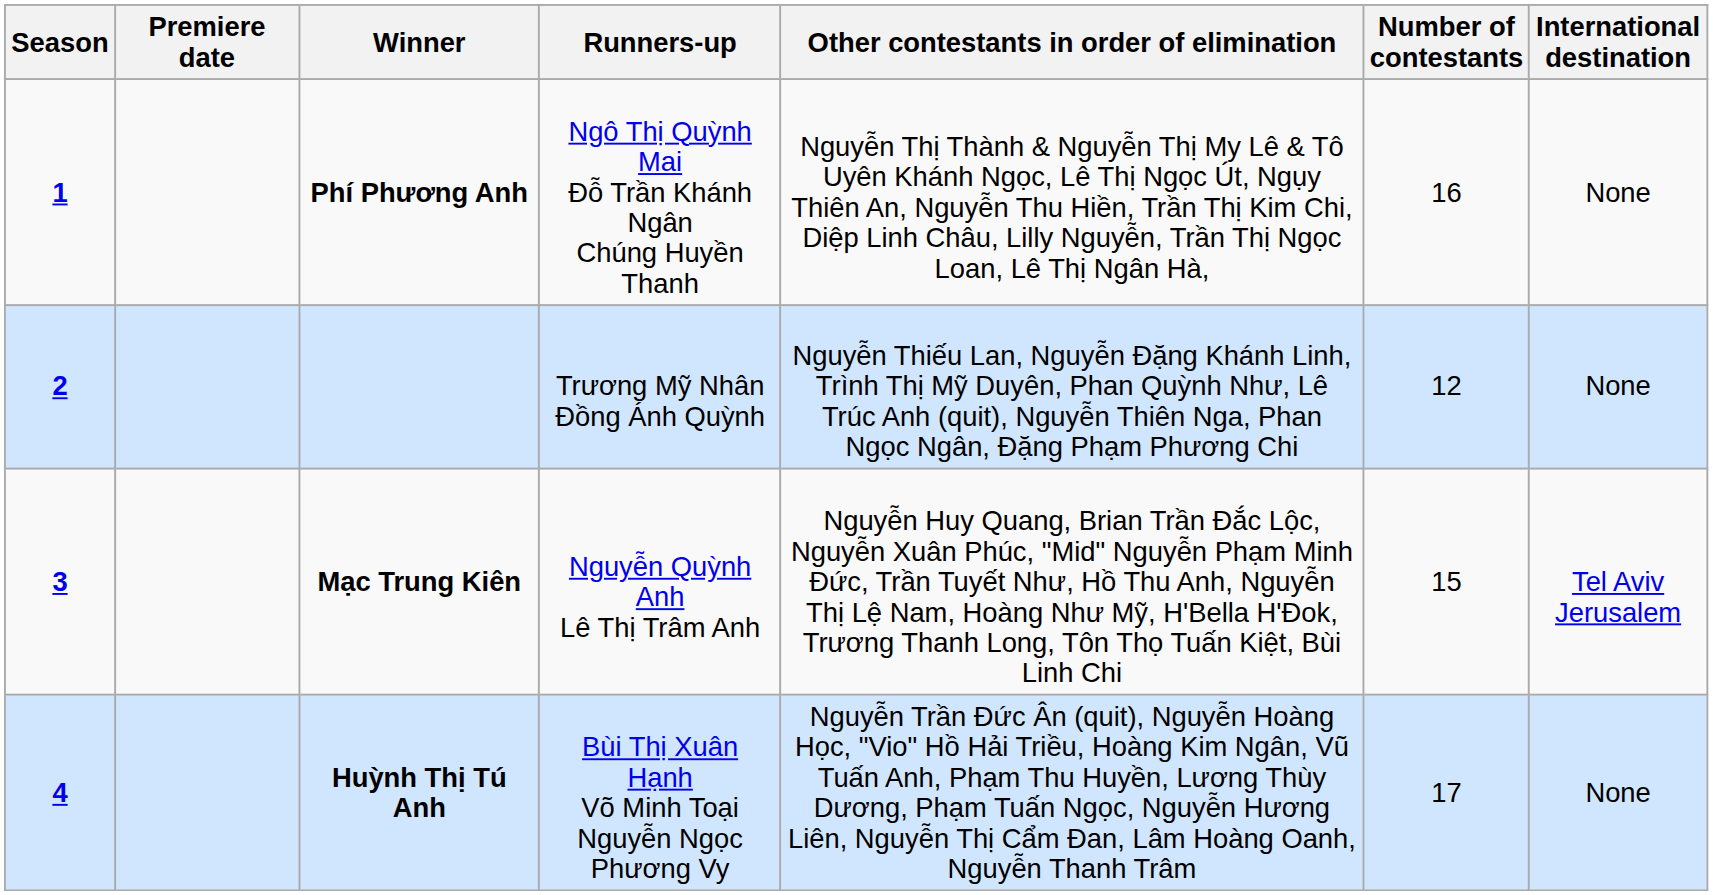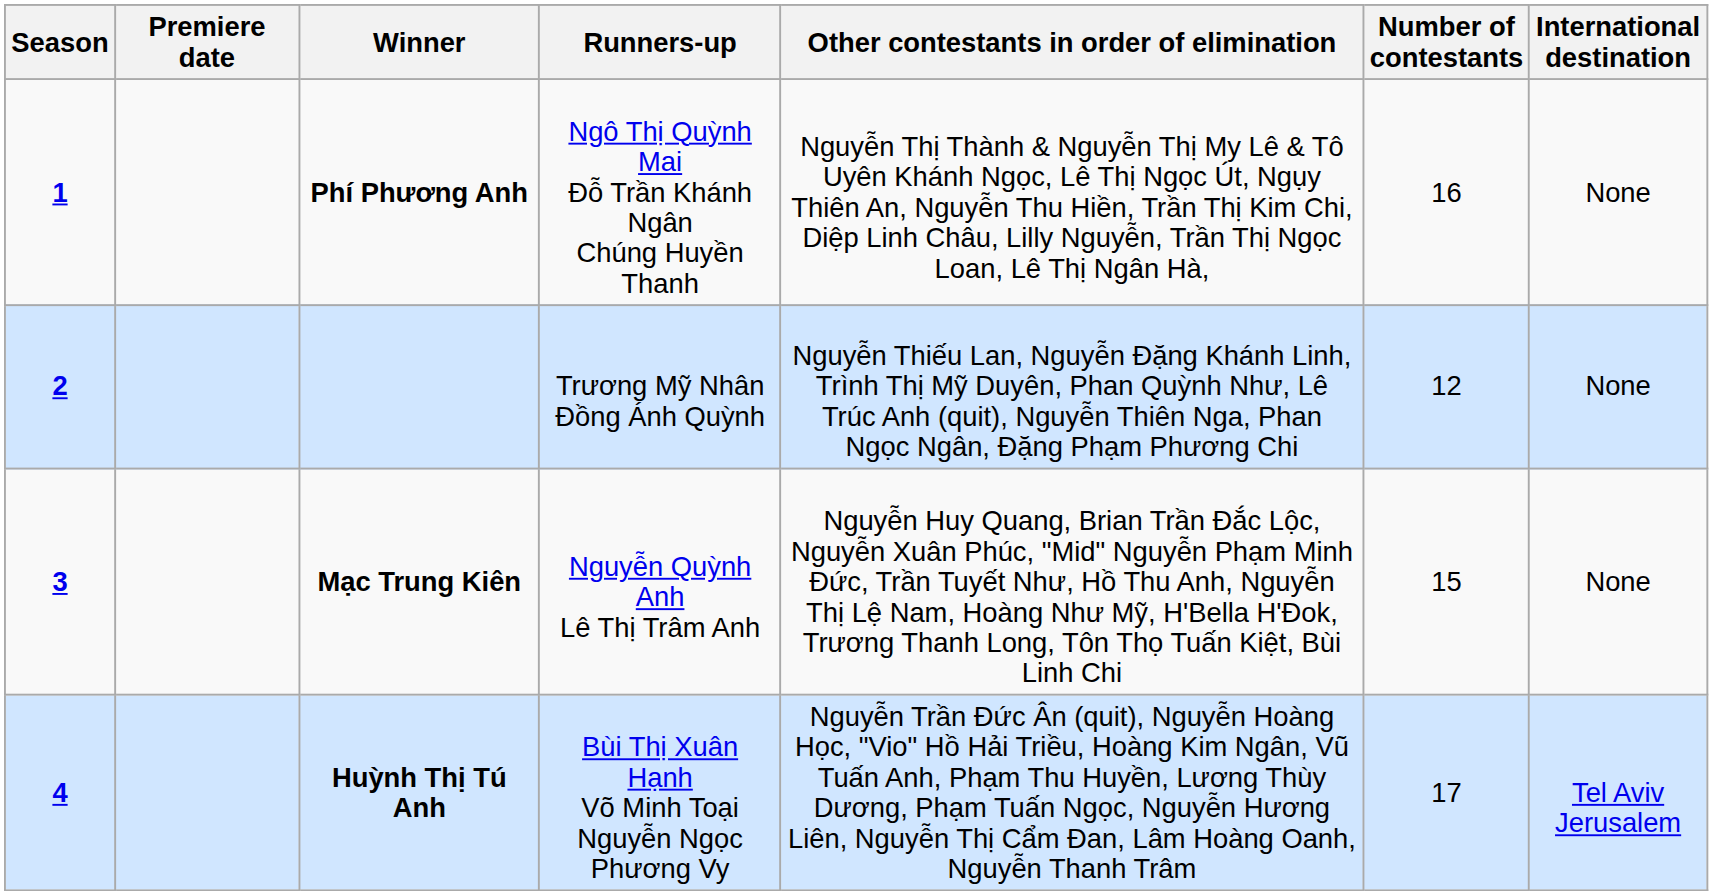 <table class="wikitable" style="font-size:90%; text-align: center;">
 <tr>
 <th width="30">Season</th>
 <th width="90">Premiere date</th>
 <th style="width:120px;">Winner</th>
 <th style="width:120px;">Runners-up</th>
 <th style="width:300px;">Other contestants in order of elimination</th>
 <th width="30">Number of contestants</th>
 <th width="30">International destination</th>
 </tr>
 <tr>
 <td><strong><a href='#'>1</a></strong></td>
 <td></td>
 <td><strong>Phí Phương Anh</strong></td>
 <td><br><a href='#'>Ngô Thị Quỳnh Mai</a><br>Đỗ Trần Khánh Ngân <br>Chúng Huyền Thanh</td>
 <td><br>Nguyễn Thị Thành & Nguyễn Thị My Lê & Tô Uyên Khánh Ngọc,  Lê Thị Ngọc Út,  Ngụy Thiên An,  Nguyễn Thu Hiền,  Trần Thị Kim Chi,  Diệp Linh Châu,  Lilly Nguyễn,  Trần Thị Ngọc Loan,   Lê Thị Ngân Hà,</td>
 <td>16</td>
 <td>None</td>
 </tr>
 <tr style="background: #D0E6FF;">
 <td><strong><a href='#'>2</a></strong></td>
 <td></td>
 <td></td>
 <td><br>Trương Mỹ Nhân<br> Đồng Ánh Quỳnh<br> </td>
 <td><br>Nguyễn Thiếu Lan,  Nguyễn Đặng Khánh Linh, Trình Thị Mỹ Duyên,  Phan Quỳnh Như,  Lê Trúc Anh (quit), Nguyễn Thiên Nga,  Phan Ngọc Ngân,  Đặng Phạm Phương Chi</td>
 <td>12</td>
 <td>None</td>
 </tr>
 <tr>
 <td><strong><a href='#'>3</a></strong></td>
 <td></td>
 <td><strong>Mạc Trung Kiên</strong></td>
 <td><br><a href='#'>Nguyễn Quỳnh Anh</a><br> Lê Thị Trâm Anh</td>
 <td><br>Nguyễn Huy Quang,  Brian Trần Đắc Lộc,  Nguyễn Xuân Phúc,  "Mid" Nguyễn Phạm Minh Đức,  Trần Tuyết Như,  Hồ Thu Anh, Nguyễn Thị Lệ Nam,  Hoàng Như Mỹ,  H'Bella H'Đok,  Trương Thanh Long,  Tôn Thọ Tuấn Kiệt,  Bùi Linh Chi</td>
 <td>15</td>
-<td><br><a href='#'>Tel Aviv</a><br><a href='#'>Jerusalem</a></td>
+<td>None</td>
 </tr>
 <tr style="background: #D0E6FF;">
 <td><strong><a href='#'>4</a></strong></td>
 <td></td>
 <td><strong>Huỳnh Thị Tú Anh</strong></td>
 <td><br><a href='#'>Bùi Thị Xuân Hạnh</a><br> Võ Minh Toại<br> Nguyễn Ngọc Phương Vy</td>
 <td>Nguyễn Trần Đức Ân (quit), Nguyễn Hoàng Học, "Vio" Hồ Hải Triều, Hoàng Kim Ngân, Vũ Tuấn Anh, Phạm Thu Huyền, Lương Thùy Dương, Phạm Tuấn Ngọc, Nguyễn Hương Liên, Nguyễn Thị Cẩm Đan, Lâm Hoàng Oanh, Nguyễn Thanh Trâm</td>
 <td>17</td>
-<td>None</td>
+<td><br><a href='#'>Tel Aviv</a><br><a href='#'>Jerusalem</a></td>
 </tr>
 </table>
